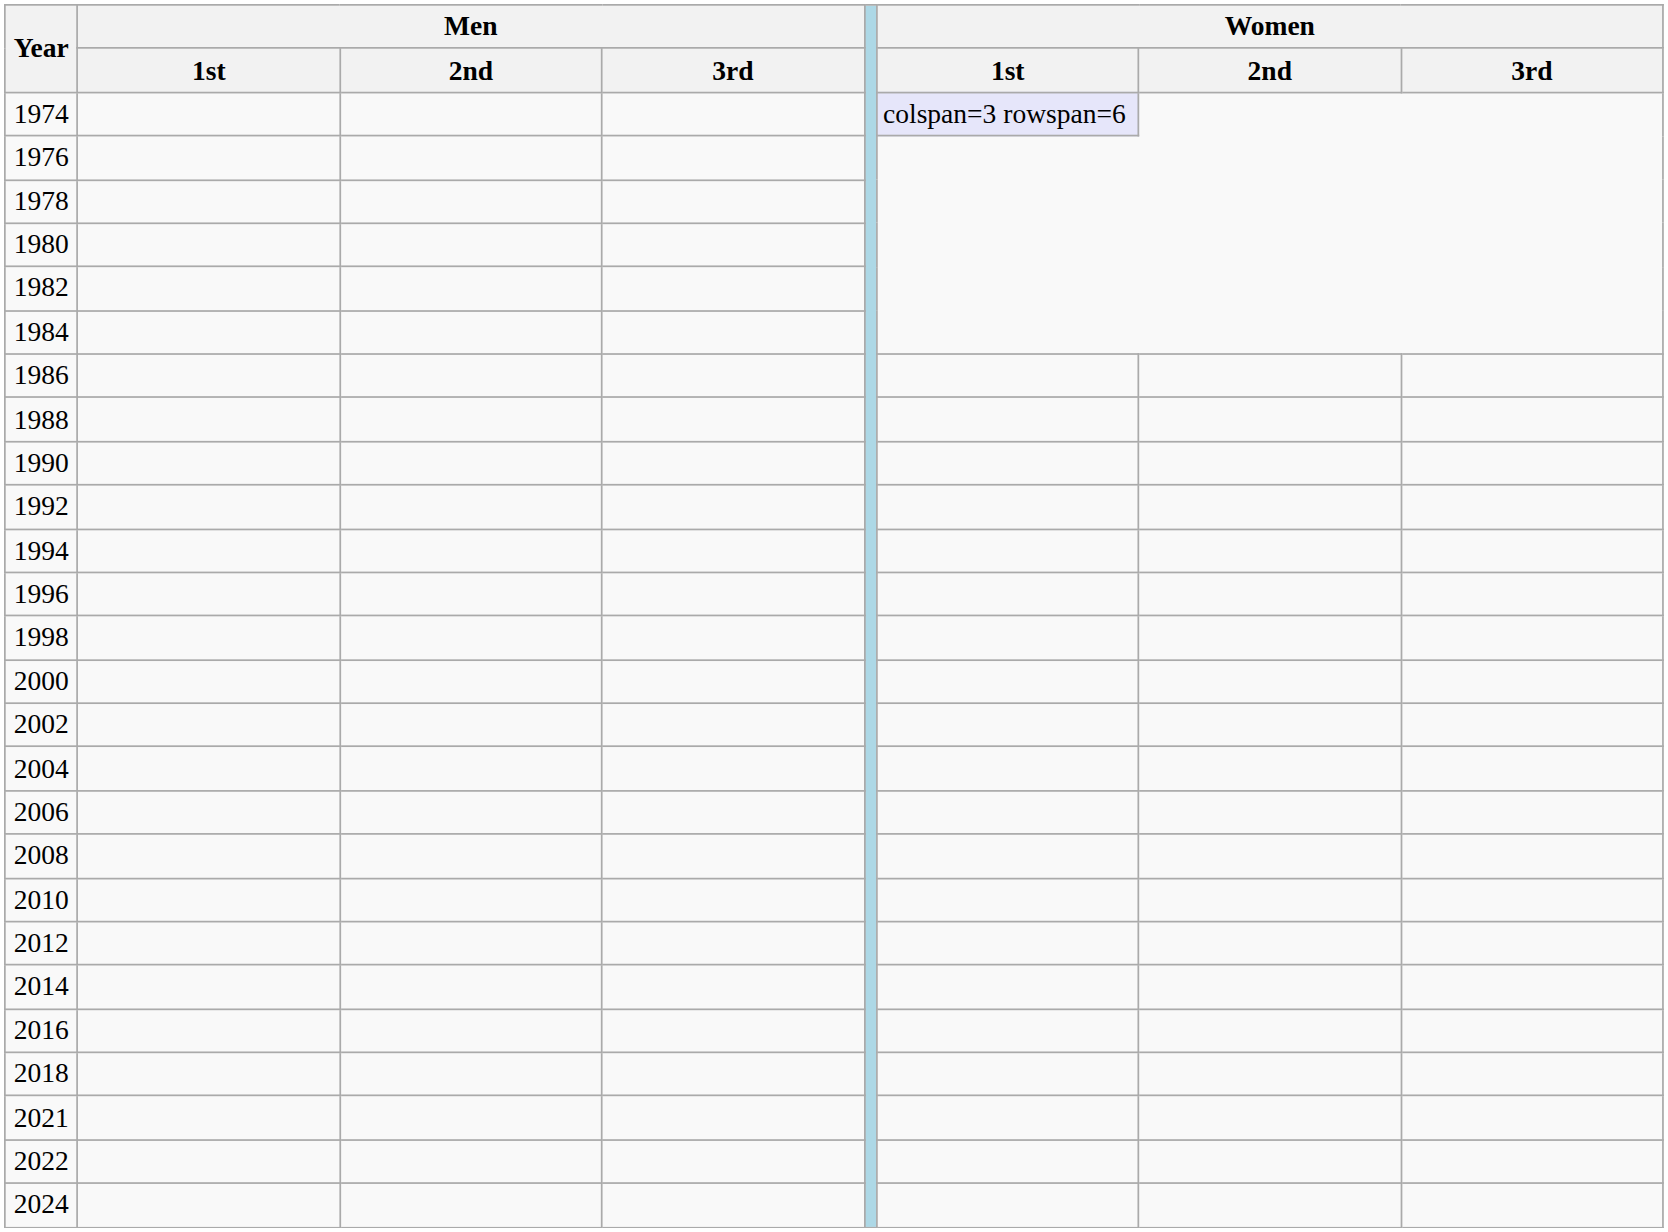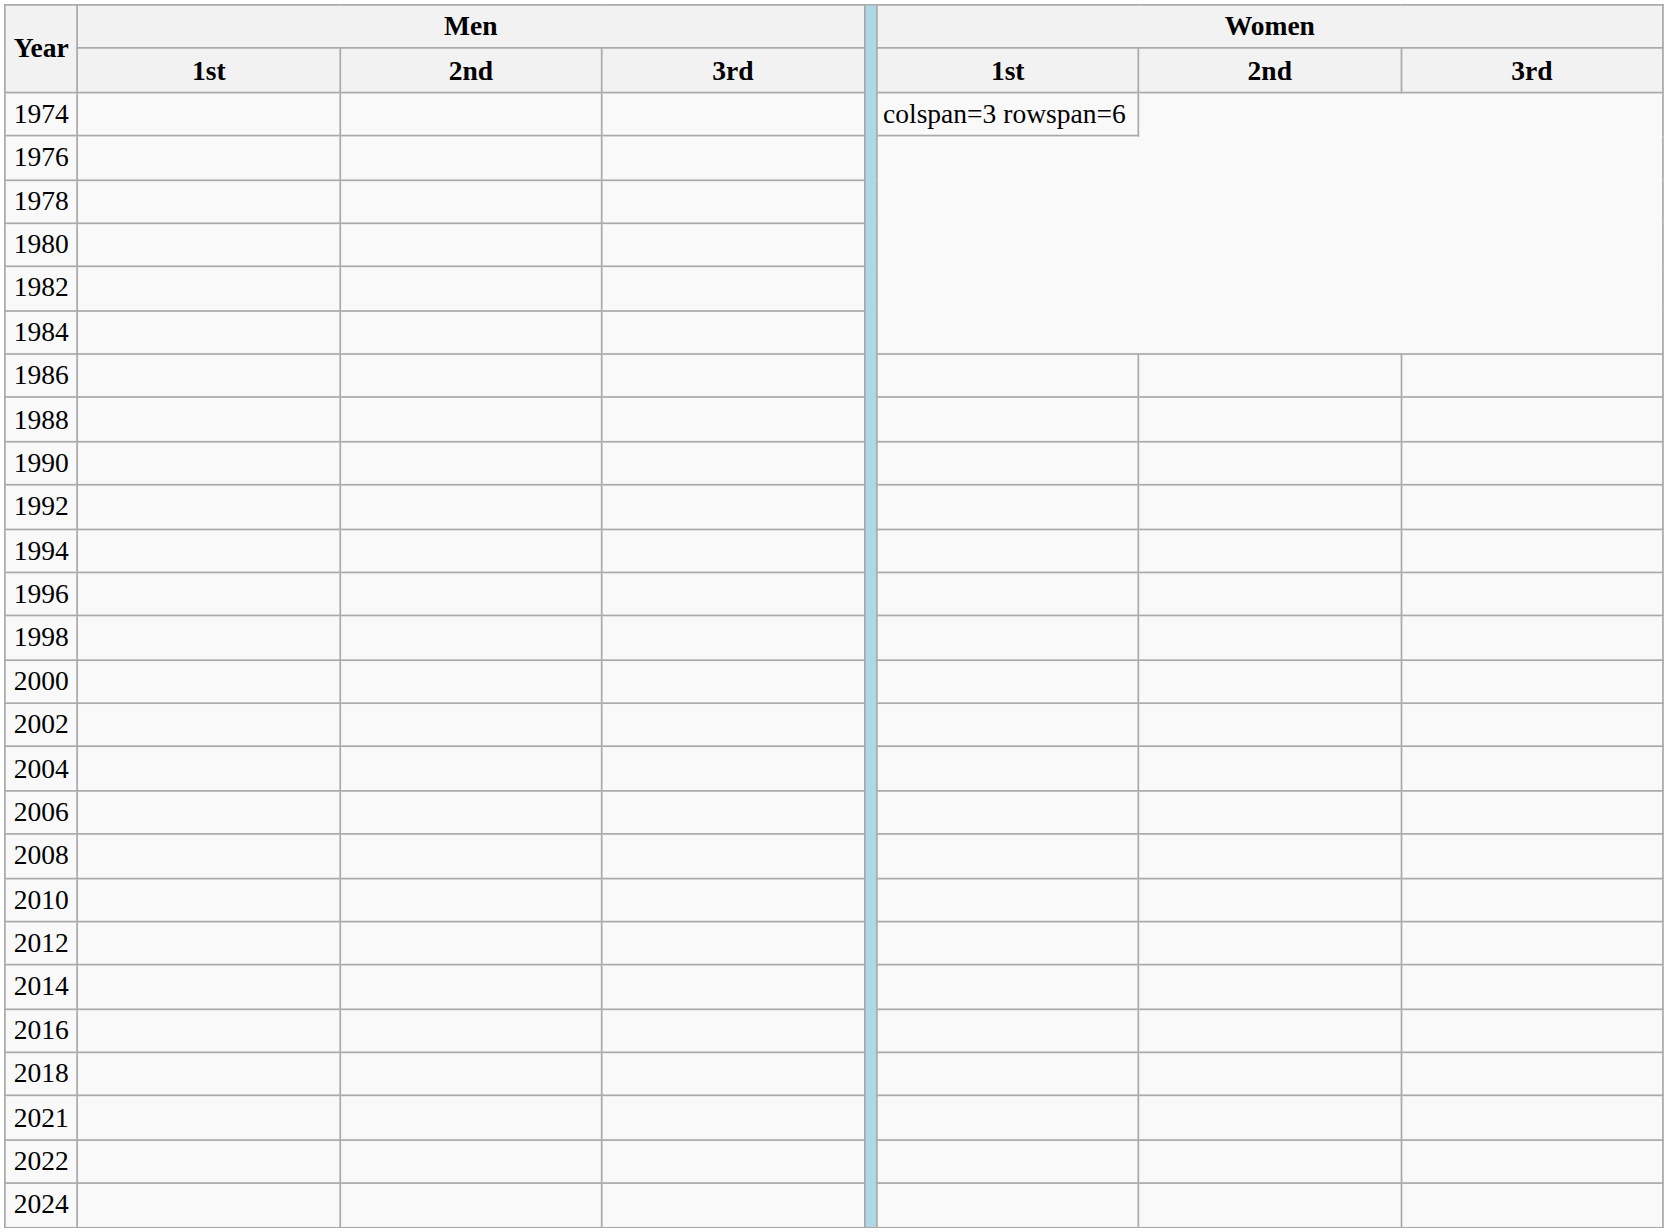 <table class="wikitable" style="text-align:left;">
 <tr>
 <th rowspan=2 width=35>Year</th>
 <th colspan=3>Men</th>
 <td rowspan=28 bgcolor=lightblue></td>
 <th colspan=3>Women</th>
 </tr>
 <tr>
 <th width=145>1st</th>
 <th width=145>2nd</th>
 <th width=145>3rd</th>
 <th width=145>1st</th>
 <th width=145>2nd</th>
 <th width=145>3rd</th>
 </tr>
 <tr>
 <td align=center>1974</td>
 <td><strong></strong></td>
 <td></td>
 <td></td>
-<td style="background: lavender;">colspan=3 rowspan=6 </td>
+<td>colspan=3 rowspan=6 </td>
 </tr>
 <tr>
 <td align=center>1976</td>
 <td><strong></strong></td>
 <td></td>
 <td></td>
 </tr>
 <tr>
 <td align=center>1978</td>
 <td><strong></strong></td>
 <td></td>
 <td></td>
 </tr>
 <tr>
 <td align=center>1980</td>
 <td><strong></strong></td>
 <td></td>
 <td></td>
 </tr>
 <tr>
 <td align=center>1982</td>
 <td><strong></strong></td>
 <td></td>
 <td></td>
 </tr>
 <tr>
 <td align=center>1984</td>
 <td><strong></strong></td>
 <td></td>
 <td></td>
 </tr>
 <tr>
 <td align=center>1986</td>
 <td><strong></strong></td>
 <td></td>
 <td></td>
 <td><strong></strong></td>
 <td></td>
 <td></td>
 </tr>
 <tr>
 <td align=center>1988</td>
 <td><strong></strong></td>
 <td></td>
 <td></td>
 <td><strong></strong></td>
 <td></td>
 <td></td>
 </tr>
 <tr>
 <td align=center>1990</td>
 <td><strong></strong></td>
 <td></td>
 <td></td>
 <td><strong></strong></td>
 <td></td>
 <td></td>
 </tr>
 <tr>
 <td align=center>1992</td>
 <td><strong></strong></td>
 <td></td>
 <td></td>
 <td><strong></strong></td>
 <td></td>
 <td></td>
 </tr>
 <tr>
 <td align=center>1994</td>
 <td><strong></strong></td>
 <td></td>
 <td></td>
 <td><strong></strong></td>
 <td></td>
 <td></td>
 </tr>
 <tr>
 <td align=center>1996</td>
 <td><strong></strong></td>
 <td></td>
 <td></td>
 <td><strong></strong></td>
 <td></td>
 <td></td>
 </tr>
 <tr>
 <td align=center>1998</td>
 <td><strong></strong></td>
 <td></td>
 <td></td>
 <td><strong></strong></td>
 <td></td>
 <td></td>
 </tr>
 <tr>
 <td align=center>2000</td>
 <td><strong></strong></td>
 <td></td>
 <td></td>
 <td><strong></strong></td>
 <td></td>
 <td></td>
 </tr>
 <tr>
 <td align=center>2002</td>
 <td><strong></strong></td>
 <td></td>
 <td></td>
 <td><strong></strong></td>
 <td></td>
 <td></td>
 </tr>
 <tr>
 <td align=center>2004</td>
 <td><strong></strong></td>
 <td></td>
 <td></td>
 <td><strong></strong></td>
 <td></td>
 <td></td>
 </tr>
 <tr>
 <td align=center>2006</td>
 <td><strong></strong></td>
 <td></td>
 <td></td>
 <td><strong></strong></td>
 <td></td>
 <td></td>
 </tr>
 <tr>
 <td align=center>2008</td>
 <td><strong></strong></td>
 <td></td>
 <td></td>
 <td><strong></strong></td>
 <td></td>
 <td></td>
 </tr>
 <tr>
 <td align=center>2010</td>
 <td><strong></strong></td>
 <td></td>
 <td></td>
 <td><strong></strong></td>
 <td></td>
 <td></td>
 </tr>
 <tr>
 <td align=center>2012</td>
 <td><strong></strong></td>
 <td></td>
 <td></td>
 <td><strong></strong></td>
 <td></td>
 <td></td>
 </tr>
 <tr>
 <td align=center>2014</td>
 <td><strong></strong></td>
 <td></td>
 <td></td>
 <td><strong></strong></td>
 <td></td>
 <td></td>
 </tr>
 <tr>
 <td align=center>2016</td>
 <td><strong></strong></td>
 <td></td>
 <td></td>
 <td><strong></strong></td>
 <td></td>
 <td></td>
 </tr>
 <tr>
 <td align=center>2018</td>
 <td><strong></strong></td>
 <td></td>
 <td></td>
 <td><strong></strong></td>
 <td></td>
 <td></td>
 </tr>
 <tr>
 <td align=center>2021</td>
 <td><strong></strong></td>
 <td></td>
 <td></td>
 <td><strong></strong></td>
 <td></td>
 <td></td>
 </tr>
 <tr>
 <td align=center>2022</td>
 <td><strong></strong></td>
 <td></td>
 <td></td>
 <td><strong></strong></td>
 <td></td>
 <td></td>
 </tr>
 <tr>
 <td align=center>2024</td>
 <td><strong></strong></td>
 <td></td>
 <td></td>
 <td><strong></strong></td>
 <td></td>
 <td></td>
 </tr>
 </table>
